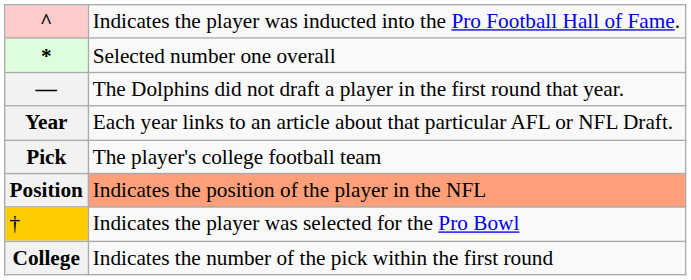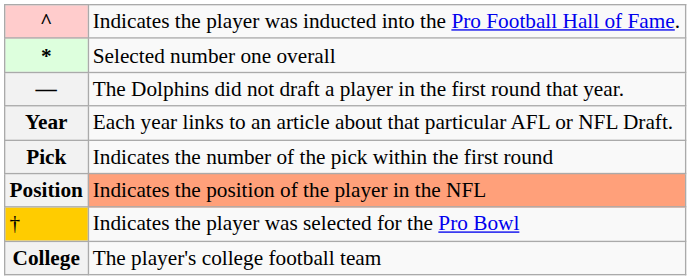 <table class="wikitable">
 <tr>
 <th scope="row" style="background:#FFCCCC">^</th>
 <td>Indicates the player was inducted into the <a href='#'>Pro Football Hall of Fame</a>.</td>
 </tr>
 <tr>
 <th scope="row" style="background:#DDFFDD"> * </th>
 <td>Selected number one overall</td>
 </tr>
 <tr>
 <th scope="row">—</th>
 <td>The Dolphins did not draft a player in the first round that year.</td>
 </tr>
 <tr>
 <th scope="row">Year</th>
 <td>Each year links to an article about that particular AFL or NFL Draft.</td>
 </tr>
 <tr>
 <th scope="row">Pick</th>
-<td>The player's college football team</td>
+<td>Indicates the number of the pick within the first round</td>
 </tr>
 <tr>
 <th scope="row">Position</th>
 <td style="background: lightsalmon;">Indicates the position of the player in the NFL</td>
 </tr>
 <tr>
 <td style="background-color:#FFCC00;">†</td>
 <td colspan="3">Indicates the player was selected for the <a href='#'>Pro Bowl</a></td>
 </tr>
 <tr>
 <th scope="row">College</th>
-<td>Indicates the number of the pick within the first round</td>
+<td>The player's college football team</td>
 </tr>
 </table>
